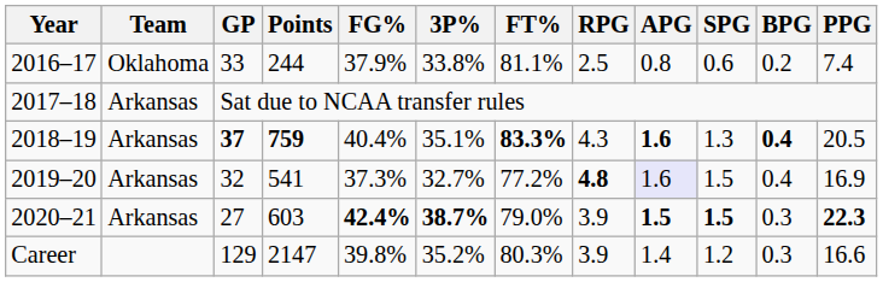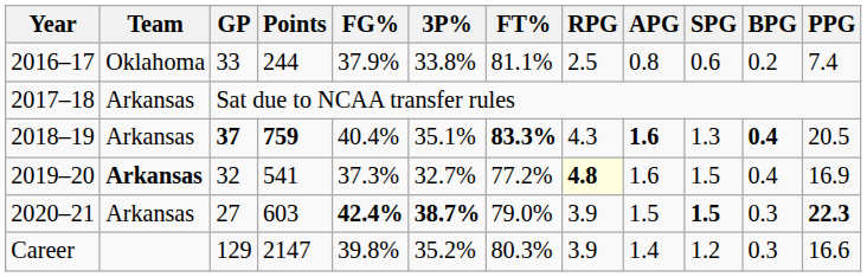 <table class="wikitable">
 <tr>
 <th>Year</th>
 <th>Team</th>
 <th>GP</th>
 <th>Points</th>
 <th>FG%</th>
 <th>3P%</th>
 <th>FT%</th>
 <th>RPG</th>
 <th>APG</th>
 <th>SPG</th>
 <th>BPG</th>
 <th>PPG</th>
 </tr>
 <tr>
 <td>2016–17</td>
 <td>Oklahoma</td>
 <td>33</td>
 <td>244</td>
 <td>37.9%</td>
 <td>33.8%</td>
 <td>81.1%</td>
 <td>2.5</td>
 <td>0.8</td>
 <td>0.6</td>
 <td>0.2</td>
 <td>7.4</td>
 </tr>
 <tr>
 <td>2017–18</td>
 <td>Arkansas</td>
 <td colspan="10">Sat due to NCAA transfer rules</td>
 </tr>
 <tr>
 <td>2018–19</td>
 <td>Arkansas</td>
 <td><strong>37</strong></td>
 <td><strong>759</strong></td>
 <td>40.4%</td>
 <td>35.1%</td>
 <td><strong>83.3%</strong></td>
 <td>4.3</td>
 <td><strong>1.6</strong></td>
 <td>1.3</td>
 <td><strong>0.4</strong></td>
 <td>20.5</td>
 </tr>
 <tr>
 <td>2019–20</td>
-<td>Arkansas</td>
+<td><strong>Arkansas</strong></td>
 <td>32</td>
 <td>541</td>
 <td>37.3%</td>
 <td>32.7%</td>
 <td>77.2%</td>
-<td><strong>4.8</strong></td>
-<td style="background: lavender;">1.6</td>
+<td style="background: lightyellow;"><strong>4.8</strong></td>
+<td>1.6</td>
 <td>1.5</td>
 <td>0.4</td>
 <td>16.9</td>
 </tr>
 <tr>
 <td>2020–21</td>
 <td>Arkansas</td>
 <td>27</td>
 <td>603</td>
 <td><strong>42.4%</strong></td>
 <td><strong>38.7%</strong></td>
 <td>79.0%</td>
 <td>3.9</td>
-<td><strong>1.5</strong></td>
+<td>1.5</td>
 <td><strong>1.5</strong></td>
 <td>0.3</td>
 <td><strong>22.3</strong></td>
 </tr>
 <tr>
 <td>Career</td>
 <td></td>
 <td>129</td>
 <td>2147</td>
 <td>39.8%</td>
 <td>35.2%</td>
 <td>80.3%</td>
 <td>3.9</td>
 <td>1.4</td>
 <td>1.2</td>
 <td>0.3</td>
 <td>16.6</td>
 </tr>
 </table>
